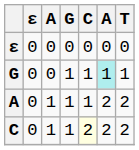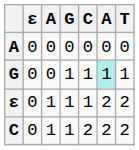 <table class="wikitable" style="text-align:center">
 <tr>
 <th></th>
 <th>ε</th>
 <th>A</th>
 <th>G</th>
 <th>C</th>
 <th>A</th>
 <th>T</th>
 </tr>
 <tr>
-<th>ε</th>
+<th>A</th>
 <td>0</td>
 <td>0</td>
 <td>0</td>
 <td>0</td>
 <td>0</td>
 <td>0</td>
 </tr>
 <tr>
 <th>G</th>
 <td>0</td>
 <td>0</td>
 <td>1</td>
 <td>1</td>
 <td style="background: paleturquoise;">1</td>
 <td>1</td>
 </tr>
 <tr>
-<th>A</th>
+<th>ε</th>
 <td>0</td>
 <td>1</td>
 <td>1</td>
 <td>1</td>
 <td>2</td>
 <td>2</td>
 </tr>
 <tr>
 <th>C</th>
 <td>0</td>
 <td>1</td>
 <td>1</td>
-<td style="background: lightyellow;">2</td>
+<td>2</td>
 <td>2</td>
 <td>2</td>
 </tr>
 <tr>
 </tr>
 </table>
